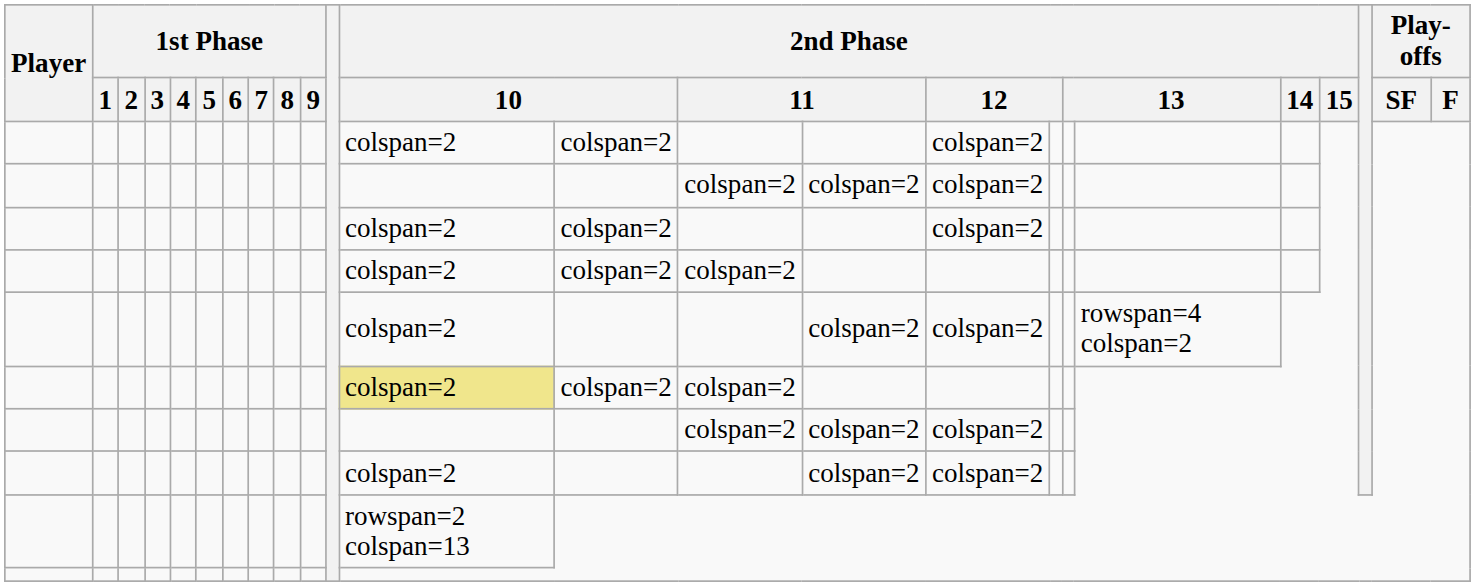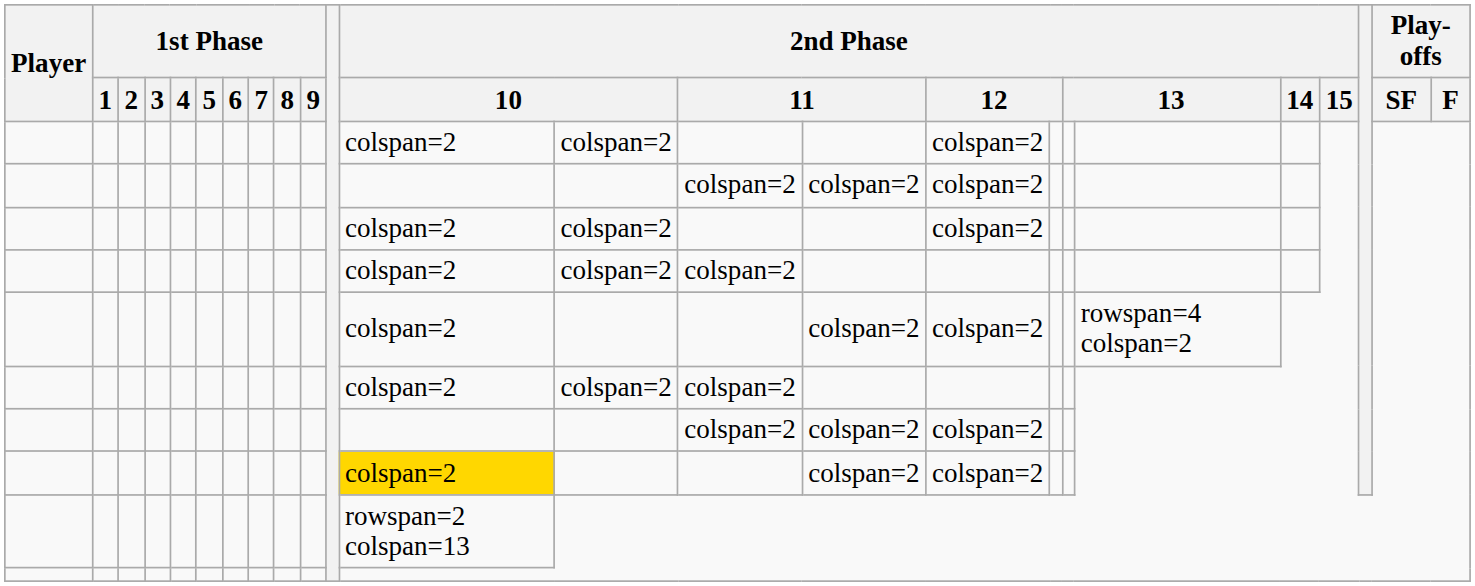 <table class="wikitable">
 <tr>
 <th rowspan=2>Player</th>
 <th colspan=9>1st Phase</th>
 <th rowspan=12></th>
 <th colspan=10>2nd Phase</th>
 <th rowspan=10></th>
 <th colspan=2>Play-offs</th>
 </tr>
 <tr>
 <th>1</th>
 <th>2</th>
 <th>3</th>
 <th>4</th>
 <th>5</th>
 <th>6</th>
 <th>7</th>
 <th>8</th>
 <th>9</th>
 <th colspan=2>10</th>
 <th colspan=2>11</th>
 <th colspan=2>12</th>
 <th colspan=2>13</th>
 <th>14</th>
 <th>15</th>
 <th>SF</th>
 <th>F</th>
 </tr>
 <tr>
 <td> </td>
 <td></td>
 <td></td>
 <td></td>
 <td></td>
 <td></td>
 <td></td>
 <td></td>
 <td></td>
 <td></td>
 <td>colspan=2 </td>
 <td>colspan=2 </td>
 <td></td>
 <td></td>
 <td>colspan=2 </td>
 <td></td>
 <td></td>
 <td></td>
 <td></td>
 </tr>
 <tr>
 <td> </td>
 <td></td>
 <td></td>
 <td></td>
 <td></td>
 <td></td>
 <td></td>
 <td></td>
 <td></td>
 <td></td>
 <td></td>
 <td></td>
 <td>colspan=2 </td>
 <td>colspan=2 </td>
 <td>colspan=2 </td>
 <td></td>
 <td></td>
 <td></td>
 <td></td>
 </tr>
 <tr>
 <td> </td>
 <td></td>
 <td></td>
 <td></td>
 <td></td>
 <td></td>
 <td></td>
 <td></td>
 <td></td>
 <td></td>
 <td>colspan=2 </td>
 <td>colspan=2 </td>
 <td></td>
 <td></td>
 <td>colspan=2 </td>
 <td></td>
 <td></td>
 <td></td>
 <td></td>
 </tr>
 <tr>
 <td> </td>
 <td></td>
 <td></td>
 <td></td>
 <td></td>
 <td></td>
 <td></td>
 <td></td>
 <td></td>
 <td></td>
 <td>colspan=2 </td>
 <td>colspan=2 </td>
 <td>colspan=2 </td>
 <td></td>
 <td></td>
 <td></td>
 <td></td>
 <td></td>
 <td></td>
 </tr>
 <tr>
 <td> </td>
 <td></td>
 <td></td>
 <td></td>
 <td></td>
 <td></td>
 <td></td>
 <td></td>
 <td></td>
 <td></td>
 <td>colspan=2 </td>
 <td></td>
 <td></td>
 <td>colspan=2 </td>
 <td>colspan=2 </td>
 <td></td>
 <td></td>
 <td>rowspan=4 colspan=2 </td>
 </tr>
 <tr>
 <td> </td>
 <td></td>
 <td></td>
 <td></td>
 <td></td>
 <td></td>
 <td></td>
 <td></td>
 <td></td>
 <td></td>
-<td style="background: khaki;">colspan=2 </td>
+<td>colspan=2 </td>
 <td>colspan=2 </td>
 <td>colspan=2 </td>
 <td></td>
 <td></td>
 <td></td>
 <td></td>
 </tr>
 <tr>
 <td> </td>
 <td></td>
 <td></td>
 <td></td>
 <td></td>
 <td></td>
 <td></td>
 <td></td>
 <td></td>
 <td></td>
 <td></td>
 <td></td>
 <td>colspan=2 </td>
 <td>colspan=2 </td>
 <td>colspan=2 </td>
 <td></td>
 <td></td>
 </tr>
 <tr>
 <td> </td>
 <td></td>
 <td></td>
 <td></td>
 <td></td>
 <td></td>
 <td></td>
 <td></td>
 <td></td>
 <td></td>
-<td>colspan=2 </td>
+<td style="background: gold;">colspan=2 </td>
 <td></td>
 <td></td>
 <td>colspan=2 </td>
 <td>colspan=2 </td>
 <td></td>
 <td></td>
 </tr>
 <tr>
 <td> </td>
 <td></td>
 <td></td>
 <td></td>
 <td></td>
 <td></td>
 <td></td>
 <td></td>
 <td></td>
 <td></td>
 <td>rowspan=2 colspan=13 </td>
 </tr>
 <tr>
 <td> </td>
 <td></td>
 <td></td>
 <td></td>
 <td></td>
 <td></td>
 <td></td>
 <td></td>
 <td></td>
 <td></td>
 </tr>
 </table>
